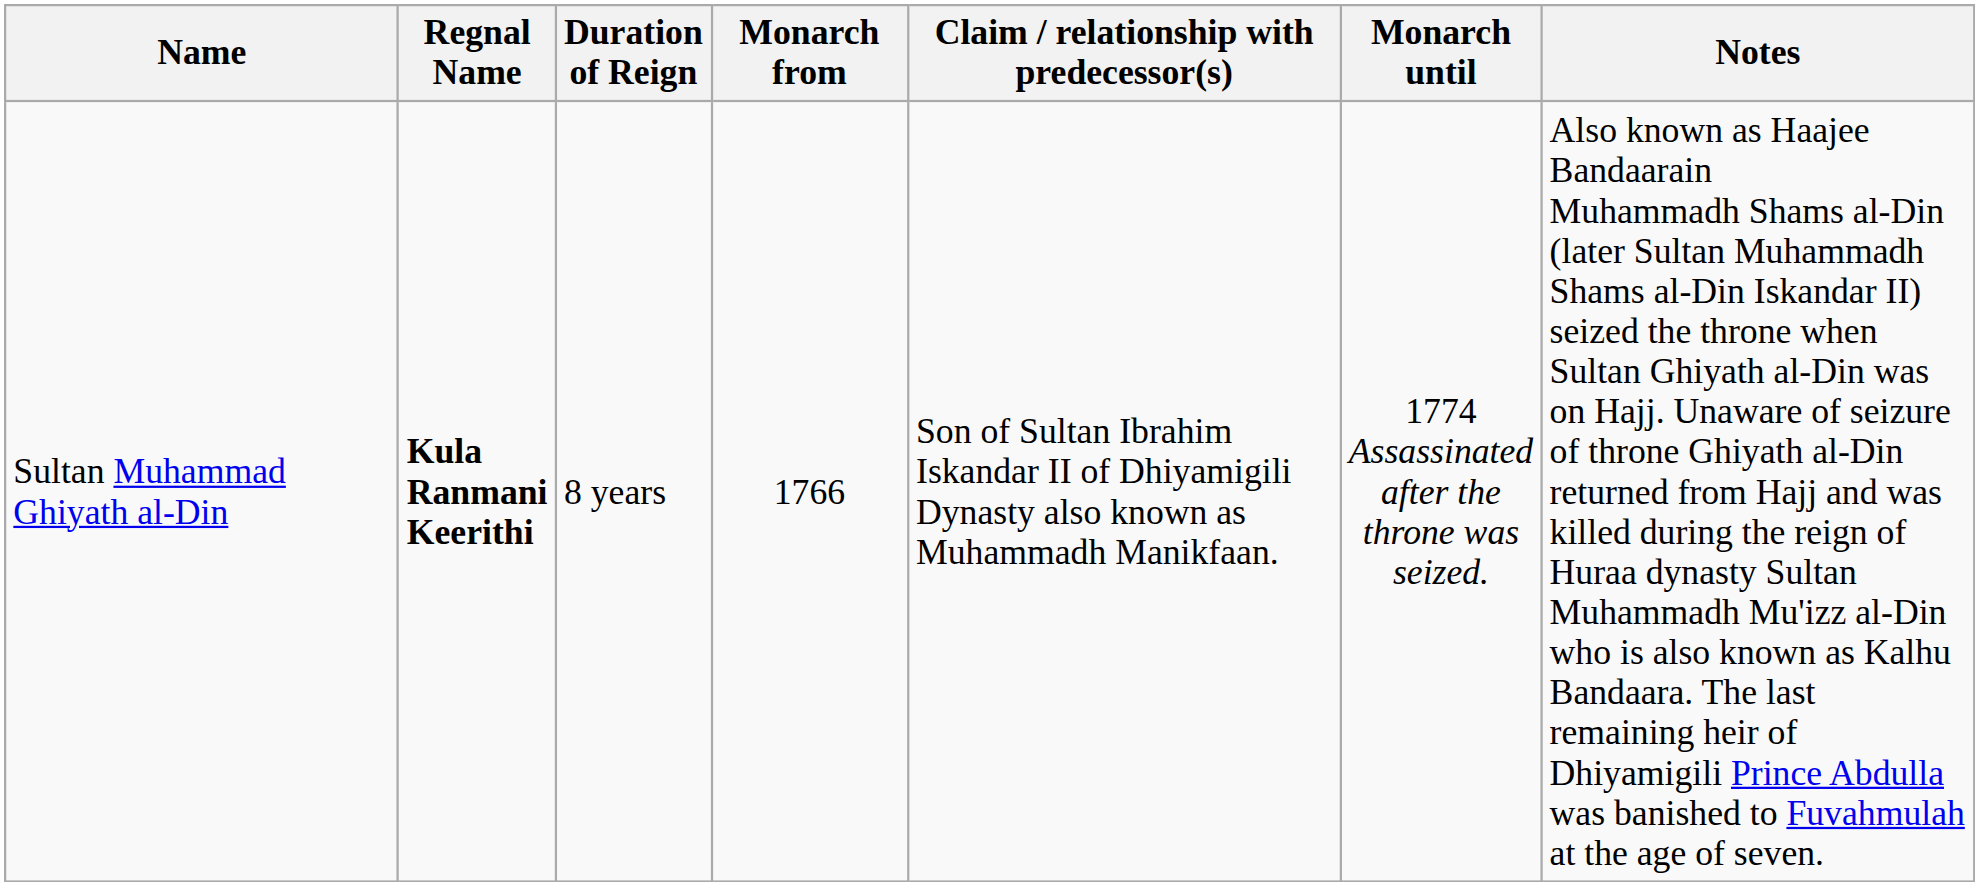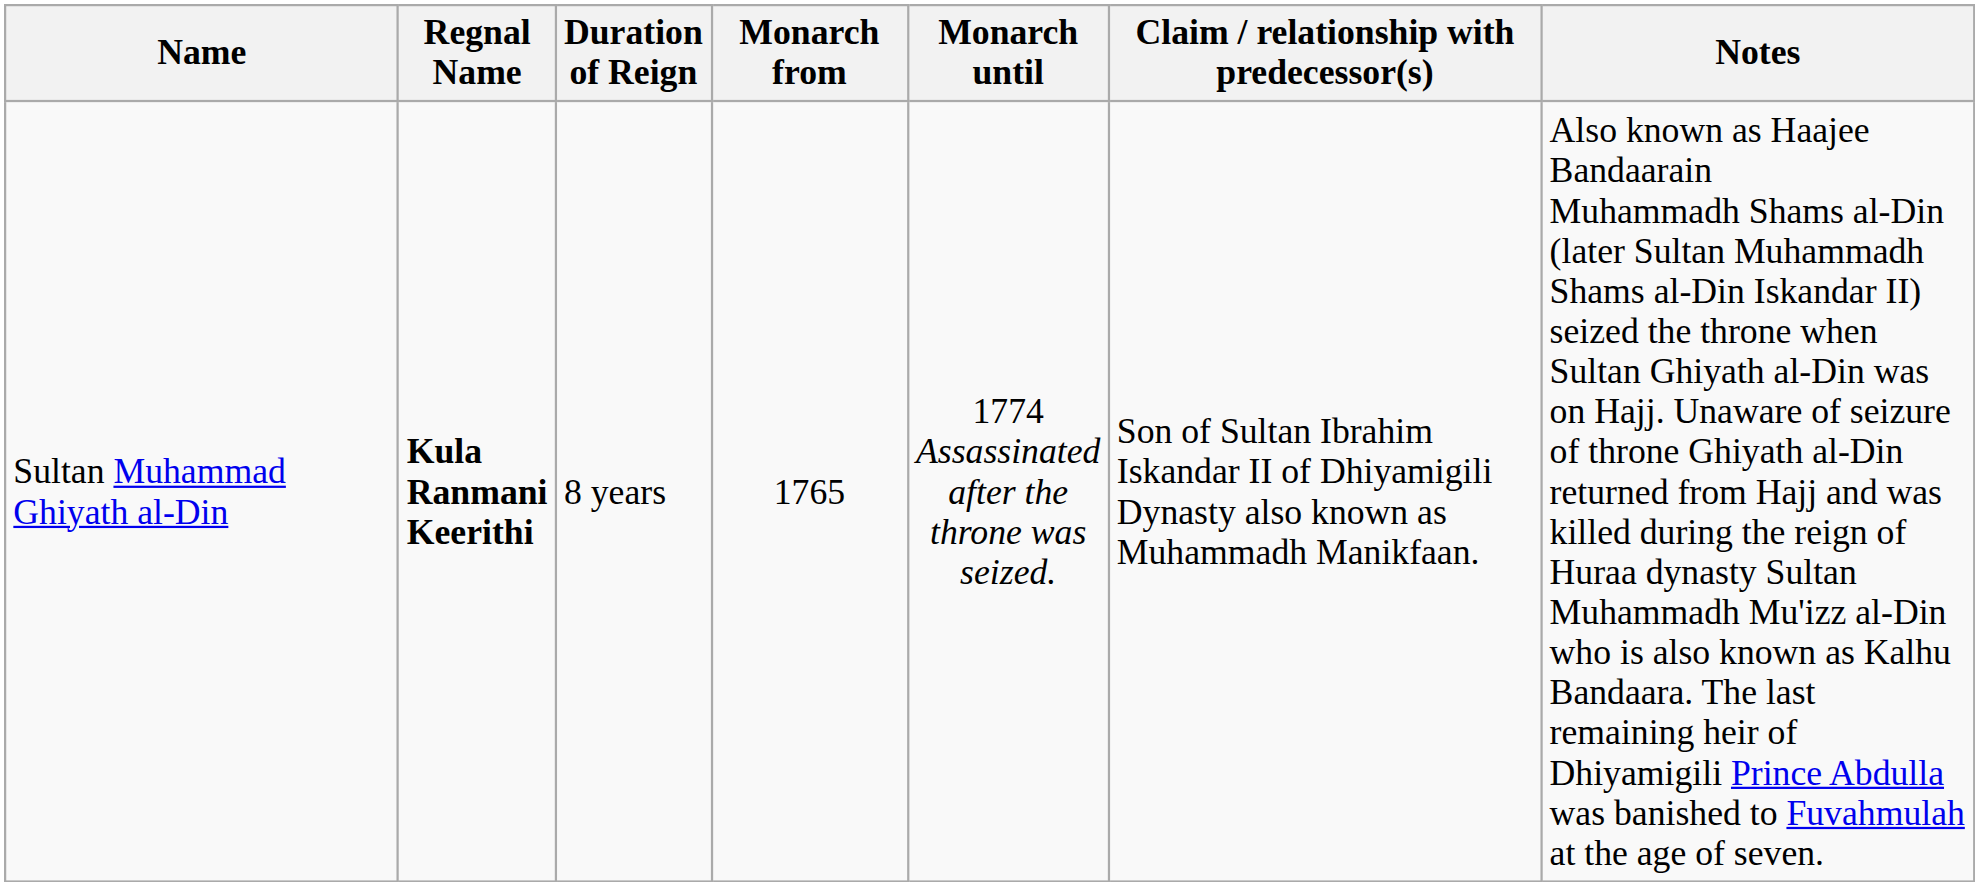 <table class="wikitable" width="100%">
 <tr>
 <th width="20%">Name</th>
 <th>Regnal Name</th>
 <th>Duration of Reign</th>
 <th width="10%">Monarch from</th>
+<th width="10%">Monarch until</th>
 <th width="22%">Claim / relationship with predecessor(s)</th>
-<th width="10%">Monarch until</th>
 <th width="22%">Notes</th>
 </tr>
 <tr>
 <td align="left">Sultan <a href='#'>Muhammad Ghiyath al-Din</a></td>
 <td><strong>Kula Ranmani Keerithi</strong></td>
 <td>8 years</td>
-<td align="center">1766</td>
+<td align="center">1765</td>
+<td align="center">1774<br><em>Assassinated after the throne was seized.</em></td>
 <td>Son of Sultan Ibrahim Iskandar II of Dhiyamigili Dynasty also known as Muhammadh Manikfaan.</td>
-<td align="center">1774<br><em>Assassinated after the throne was seized.</em></td>
 <td align="left">Also known as Haajee Bandaarain<br>Muhammadh Shams al-Din (later Sultan Muhammadh Shams al-Din Iskandar II) seized the throne when Sultan Ghiyath al-Din was on Hajj. Unaware of seizure of throne Ghiyath al-Din returned from Hajj and was killed during the reign of Huraa dynasty Sultan Muhammadh Mu'izz al-Din who is also known as Kalhu Bandaara. The last remaining heir of Dhiyamigili <a href='#'>Prince Abdulla</a> was banished to <a href='#'>Fuvahmulah</a> at the age of seven.</td>
 </tr>
 </table>
